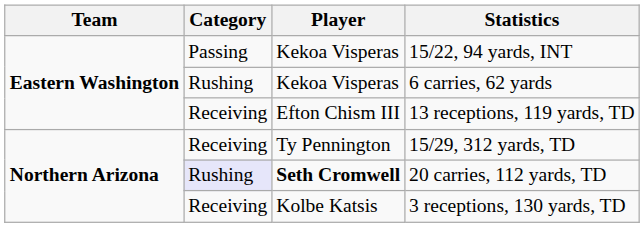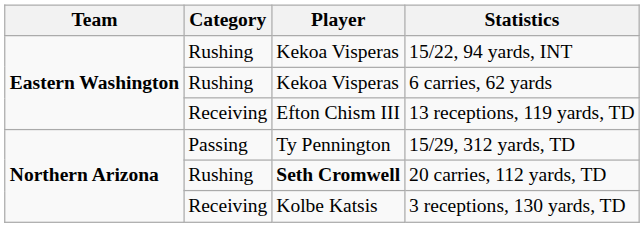 <table class="wikitable" style="float: right;">
 <tr>
 <th>Team</th>
 <th>Category</th>
 <th>Player</th>
 <th>Statistics</th>
 </tr>
 <tr>
 <td rowspan=3><strong>Eastern Washington</strong></td>
-<td>Passing</td>
+<td>Rushing</td>
 <td>Kekoa Visperas</td>
 <td>15/22, 94 yards, INT</td>
 </tr>
 <tr>
 <td>Rushing</td>
 <td>Kekoa Visperas</td>
 <td>6 carries, 62 yards</td>
 </tr>
 <tr>
 <td>Receiving</td>
 <td>Efton Chism III</td>
 <td>13 receptions, 119 yards, TD</td>
 </tr>
 <tr>
 <td rowspan=3><strong>Northern Arizona</strong></td>
-<td>Receiving</td>
+<td>Passing</td>
 <td>Ty Pennington</td>
 <td>15/29, 312 yards, TD</td>
 </tr>
 <tr>
-<td style="background: lavender;">Rushing</td>
+<td>Rushing</td>
 <td><strong>Seth Cromwell</strong></td>
 <td>20 carries, 112 yards, TD</td>
 </tr>
 <tr>
 <td>Receiving</td>
 <td>Kolbe Katsis</td>
 <td>3 receptions, 130 yards, TD</td>
 </tr>
 </table>
